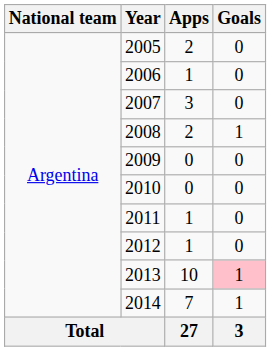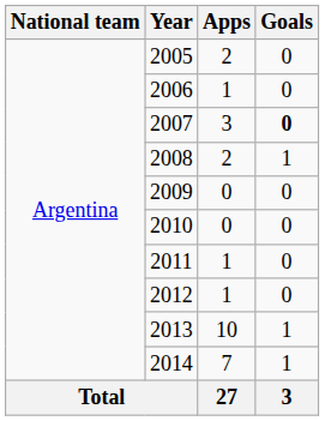 <table class="wikitable" style="text-align:center">
 <tr>
 <th>National team</th>
 <th>Year</th>
 <th>Apps</th>
 <th>Goals</th>
 </tr>
 <tr>
 <td rowspan="10"><a href='#'>Argentina</a></td>
 <td>2005</td>
 <td>2</td>
 <td>0</td>
 </tr>
 <tr>
 <td>2006</td>
 <td>1</td>
 <td>0</td>
 </tr>
 <tr>
 <td>2007</td>
 <td>3</td>
-<td>0</td>
+<td><strong>0</strong></td>
 </tr>
 <tr>
 <td>2008</td>
 <td>2</td>
 <td>1</td>
 </tr>
 <tr>
 <td>2009</td>
 <td>0</td>
 <td>0</td>
 </tr>
 <tr>
 <td>2010</td>
 <td>0</td>
 <td>0</td>
 </tr>
 <tr>
 <td>2011</td>
 <td>1</td>
 <td>0</td>
 </tr>
 <tr>
 <td>2012</td>
 <td>1</td>
 <td>0</td>
 </tr>
 <tr>
 <td>2013</td>
 <td>10</td>
-<td style="background: pink;">1</td>
+<td>1</td>
 </tr>
 <tr>
 <td>2014</td>
 <td>7</td>
 <td>1</td>
 </tr>
 <tr>
 <th colspan="2">Total</th>
 <th>27</th>
 <th>3</th>
 </tr>
 </table>
